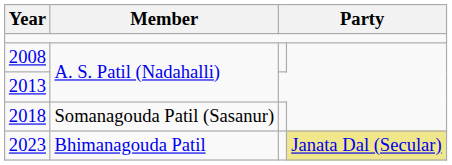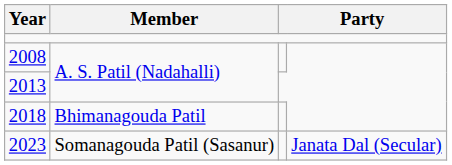 <table class="wikitable">
 <tr>
 <th>Year</th>
 <th>Member</th>
 <th colspan="2">Party</th>
 </tr>
 <tr>
 <td colspan="4"></td>
 </tr>
 <tr>
 <td><a href='#'>2008</a></td>
 <td rowspan="2"><a href='#'>A. S. Patil (Nadahalli)</a></td>
 <td></td>
 </tr>
 <tr>
 <td><a href='#'>2013</a></td>
 </tr>
 <tr>
 <td><a href='#'>2018</a></td>
-<td>Somanagouda Patil (Sasanur)</td>
+<td><a href='#'>Bhimanagouda Patil</a></td>
 <td></td>
 </tr>
 <tr>
 <td><a href='#'>2023</a></td>
-<td><a href='#'>Bhimanagouda Patil</a></td>
+<td>Somanagouda Patil (Sasanur)</td>
 <td style="background-color :"></td>
-<td style="background: khaki;"><a href='#'>Janata Dal (Secular)</a></td>
+<td><a href='#'>Janata Dal (Secular)</a></td>
 </tr>
 </table>
